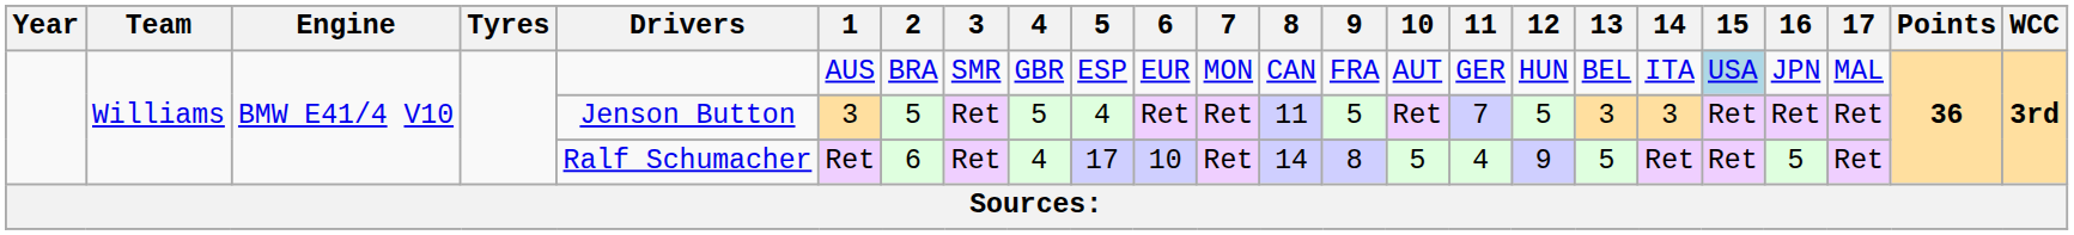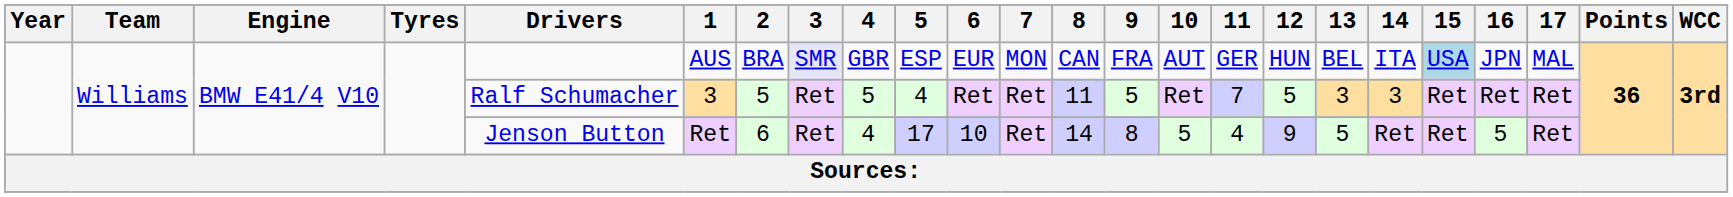 <table class="wikitable" style="text-align:center; font-size:95%">
 <tr>
 <th>Year</th>
 <th>Team</th>
 <th>Engine</th>
 <th>Tyres</th>
 <th>Drivers</th>
 <th>1</th>
 <th>2</th>
 <th>3</th>
 <th>4</th>
 <th>5</th>
 <th>6</th>
 <th>7</th>
 <th>8</th>
 <th>9</th>
 <th>10</th>
 <th>11</th>
 <th>12</th>
 <th>13</th>
 <th>14</th>
 <th>15</th>
 <th>16</th>
 <th>17</th>
 <th>Points</th>
 <th>WCC</th>
 </tr>
 <tr>
 <td rowspan="3"></td>
 <td rowspan="3"><a href='#'>Williams</a></td>
 <td rowspan="3"><a href='#'>BMW E41/4</a> <a href='#'>V10</a></td>
 <td rowspan="3"></td>
 <td></td>
 <td><a href='#'>AUS</a></td>
 <td><a href='#'>BRA</a></td>
-<td><a href='#'>SMR</a></td>
+<td style="background: lavender;"><a href='#'>SMR</a></td>
 <td><a href='#'>GBR</a></td>
 <td><a href='#'>ESP</a></td>
 <td><a href='#'>EUR</a></td>
 <td><a href='#'>MON</a></td>
 <td><a href='#'>CAN</a></td>
 <td><a href='#'>FRA</a></td>
 <td><a href='#'>AUT</a></td>
 <td><a href='#'>GER</a></td>
 <td><a href='#'>HUN</a></td>
 <td><a href='#'>BEL</a></td>
 <td><a href='#'>ITA</a></td>
 <td style="background: lightblue;"><a href='#'>USA</a></td>
 <td><a href='#'>JPN</a></td>
 <td><a href='#'>MAL</a></td>
 <td rowspan="3" style="background:#FFDF9F;"><strong>36</strong></td>
 <td rowspan="3" style="background:#FFDF9F;"><strong>3rd</strong></td>
 </tr>
 <tr>
-<td> <a href='#'>Jenson Button</a></td>
+<td> <a href='#'>Ralf Schumacher</a></td>
 <td style="background:#FFDF9F;">3</td>
 <td style="background:#DFFFDF;">5</td>
 <td style="background:#EFCFFF;">Ret</td>
 <td style="background:#DFFFDF;">5</td>
 <td style="background:#DFFFDF;">4</td>
 <td style="background:#EFCFFF;">Ret</td>
 <td style="background:#EFCFFF;">Ret</td>
 <td style="background:#CFCFFF;">11</td>
 <td style="background:#DFFFDF;">5</td>
 <td style="background:#EFCFFF;">Ret</td>
 <td style="background:#CFCFFF;">7</td>
 <td style="background:#DFFFDF;">5</td>
 <td style="background:#FFDF9F;">3</td>
 <td style="background:#FFDF9F;">3</td>
 <td style="background:#EFCFFF;">Ret</td>
 <td style="background:#EFCFFF;">Ret</td>
 <td style="background:#EFCFFF;">Ret</td>
 </tr>
 <tr>
-<td> <a href='#'>Ralf Schumacher</a></td>
+<td> <a href='#'>Jenson Button</a></td>
 <td style="background:#EFCFFF;">Ret</td>
 <td style="background:#DFFFDF;">6</td>
 <td style="background:#EFCFFF;">Ret</td>
 <td style="background:#DFFFDF;">4</td>
 <td style="background:#CFCFFF;">17</td>
 <td style="background:#CFCFFF;">10</td>
 <td style="background:#EFCFFF;">Ret</td>
 <td style="background:#CFCFFF;">14</td>
 <td style="background:#CFCFFF;">8</td>
 <td style="background:#DFFFDF;">5</td>
 <td style="background:#DFFFDF;">4</td>
 <td style="background:#CFCFFF;">9</td>
 <td style="background:#DFFFDF;">5</td>
 <td style="background:#EFCFFF;">Ret</td>
 <td style="background:#EFCFFF;">Ret</td>
 <td style="background:#DFFFDF;">5</td>
 <td style="background:#EFCFFF;">Ret</td>
 </tr>
 <tr>
 <th colspan="24">Sources:</th>
 </tr>
 </table>
